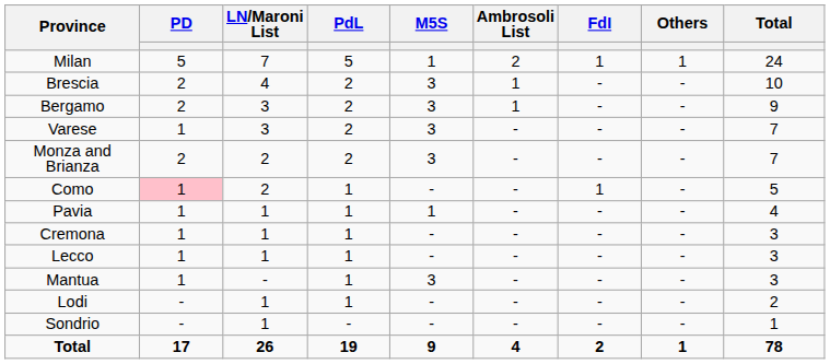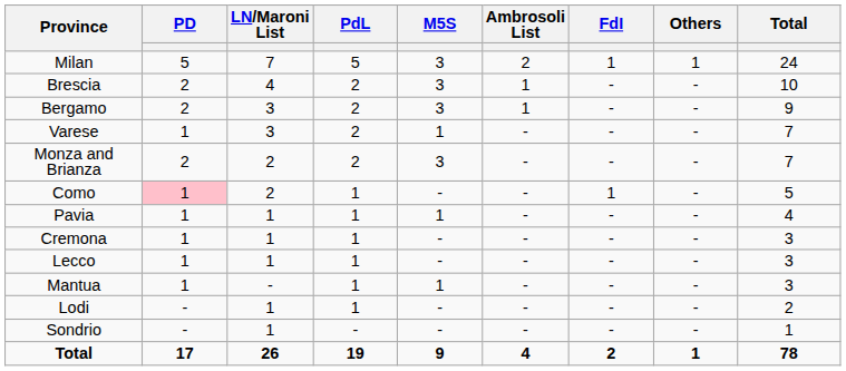 <table class="wikitable" style="text-align:center;font-size:85%;line-height:13px">
 <tr style="height:30px; background-color:#E9E9E9">
 <th style="width:110px;" rowspan="2">Province</th>
 <th style="width:65px;"><a href='#'>PD</a></th>
 <th style="width:65px;"><a href='#'>LN</a>/Maroni List</th>
 <th style="width:65px;"><a href='#'>PdL</a></th>
 <th style="width:65px;"><a href='#'>M5S</a></th>
 <th style="width:65px;">Ambrosoli List</th>
 <th style="width:65px;"><a href='#'>FdI</a></th>
 <th style="width:65px;">Others</th>
 <th style="width:80px;">Total</th>
 </tr>
 <tr>
 <th style="background:"></th>
 <th style="background:"></th>
 <th style="background:"></th>
 <th style="background:"></th>
 <th style="background:"></th>
 <th style="background:"></th>
 <th style="background:"></th>
 <th style="background:"></th>
 </tr>
 <tr>
 <td>Milan</td>
 <td>5</td>
 <td>7</td>
 <td>5</td>
-<td>1</td>
+<td>3</td>
 <td>2</td>
 <td>1</td>
 <td>1</td>
 <td>24</td>
 </tr>
 <tr>
 <td>Brescia</td>
 <td>2</td>
 <td>4</td>
 <td>2</td>
 <td>3</td>
 <td>1</td>
 <td>-</td>
 <td>-</td>
 <td>10</td>
 </tr>
 <tr>
 <td>Bergamo</td>
 <td>2</td>
 <td>3</td>
 <td>2</td>
 <td>3</td>
 <td>1</td>
 <td>-</td>
 <td>-</td>
 <td>9</td>
 </tr>
 <tr>
 <td>Varese</td>
 <td>1</td>
 <td>3</td>
 <td>2</td>
-<td>3</td>
+<td>1</td>
 <td>-</td>
 <td>-</td>
 <td>-</td>
 <td>7</td>
 </tr>
 <tr>
 <td>Monza and Brianza</td>
 <td>2</td>
 <td>2</td>
 <td>2</td>
 <td>3</td>
 <td>-</td>
 <td>-</td>
 <td>-</td>
 <td>7</td>
 </tr>
 <tr>
 <td>Como</td>
 <td style="background: pink;">1</td>
 <td>2</td>
 <td>1</td>
 <td>-</td>
 <td>-</td>
 <td>1</td>
 <td>-</td>
 <td>5</td>
 </tr>
 <tr>
 <td>Pavia</td>
 <td>1</td>
 <td>1</td>
 <td>1</td>
 <td>1</td>
 <td>-</td>
 <td>-</td>
 <td>-</td>
 <td>4</td>
 </tr>
 <tr>
 <td>Cremona</td>
 <td>1</td>
 <td>1</td>
 <td>1</td>
 <td>-</td>
 <td>-</td>
 <td>-</td>
 <td>-</td>
 <td>3</td>
 </tr>
 <tr>
 <td>Lecco</td>
 <td>1</td>
 <td>1</td>
 <td>1</td>
 <td>-</td>
 <td>-</td>
 <td>-</td>
 <td>-</td>
 <td>3</td>
 </tr>
 <tr>
 <td>Mantua</td>
 <td>1</td>
 <td>-</td>
 <td>1</td>
-<td>3</td>
+<td>1</td>
 <td>-</td>
 <td>-</td>
 <td>-</td>
 <td>3</td>
 </tr>
 <tr>
 <td>Lodi</td>
 <td>-</td>
 <td>1</td>
 <td>1</td>
 <td>-</td>
 <td>-</td>
 <td>-</td>
 <td>-</td>
 <td>2</td>
 </tr>
 <tr>
 <td>Sondrio</td>
 <td>-</td>
 <td>1</td>
 <td>-</td>
 <td>-</td>
 <td>-</td>
 <td>-</td>
 <td>-</td>
 <td>1</td>
 </tr>
 <tr>
 <td><strong>Total</strong></td>
 <td><strong>17</strong></td>
 <td><strong>26</strong></td>
 <td><strong>19</strong></td>
 <td><strong>9</strong></td>
 <td><strong>4</strong></td>
 <td><strong>2</strong></td>
 <td><strong>1</strong></td>
 <td><strong>78</strong></td>
 </tr>
 </table>
